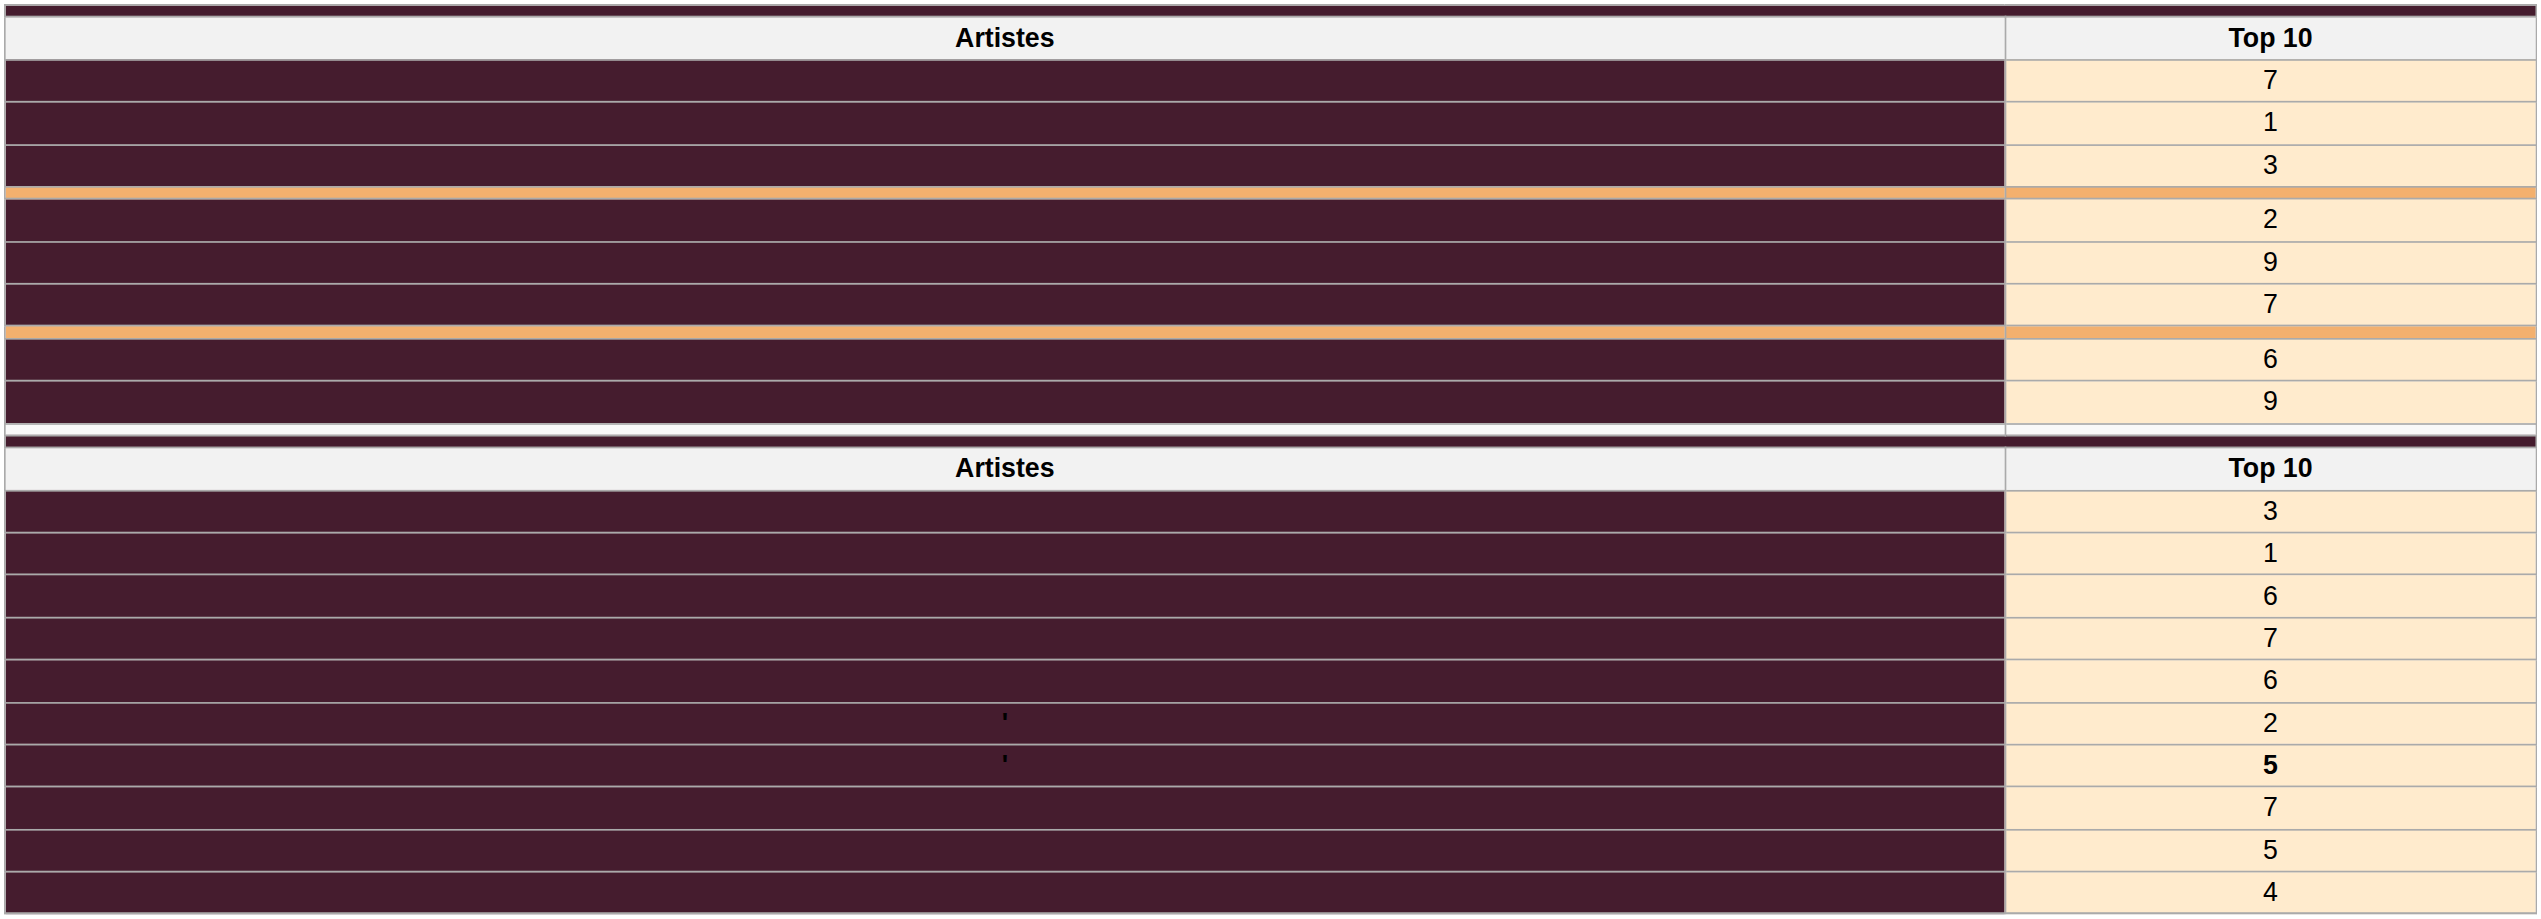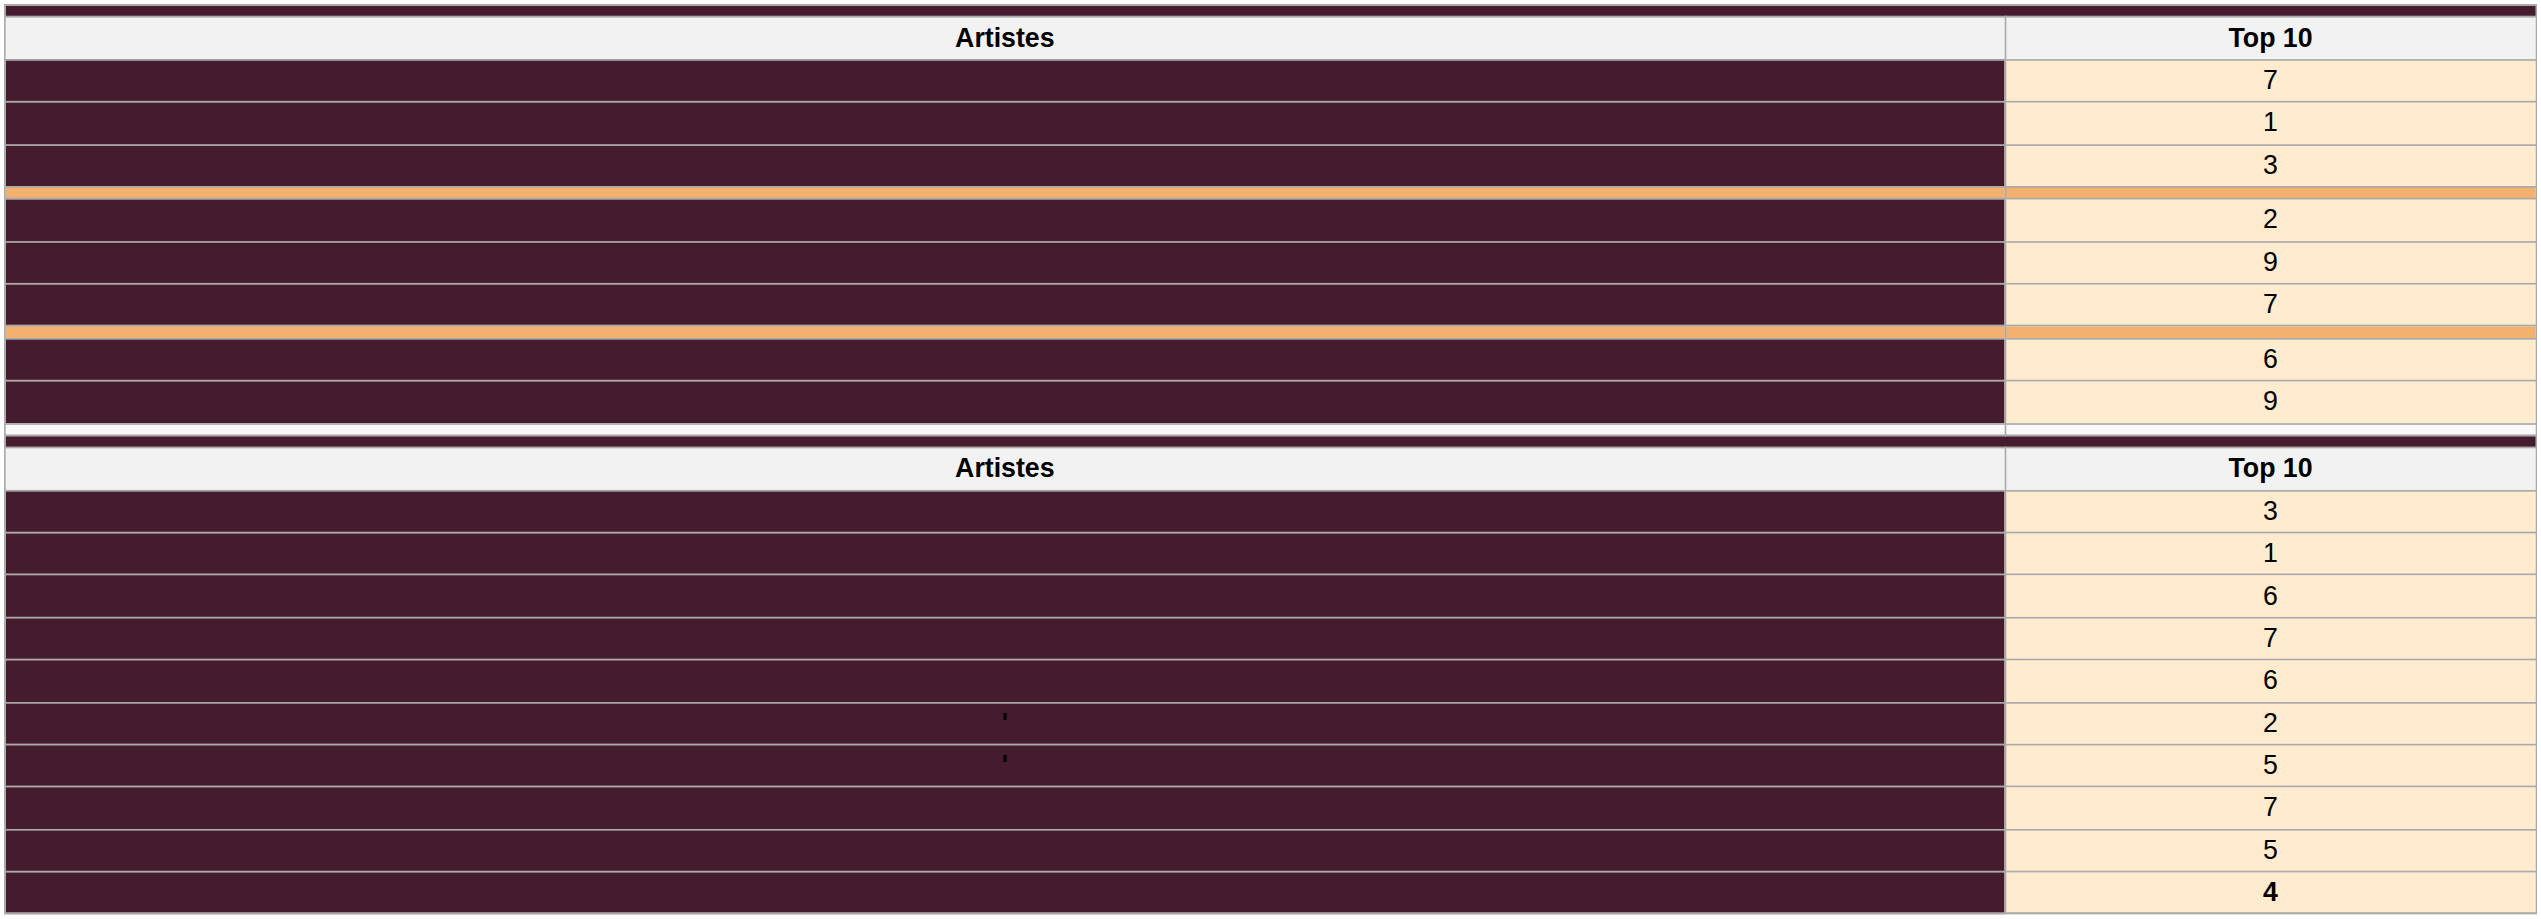 <table class="wikitable" style="width:120%">
 <tr bgcolor="#bebebe">
 <td colspan=5 data-sort-value="ω" style="background-color:#451c2e; font-weight:bold; text-align:center;"></td>
 </tr>
 <tr>
 <th width="4%">Artistes</th>
 <th width="1%">Top 10</th>
 </tr>
 <tr>
 <td bgcolor="#451c2e" align="center"><strong></strong></td>
 <td style="background:#FFEBCD; text-align:center;">7</td>
 </tr>
 <tr>
 <td bgcolor="#451c2e" align="center"><strong></strong></td>
 <td style="background:#FFEBCD; text-align:center;">1</td>
 </tr>
 <tr>
 <td bgcolor="#451c2e"  align="center"><strong><em></em></strong></td>
 <td style="background:#FFEBCD; text-align:center;">3</td>
 </tr>
 <tr>
 <td bgcolor="#f3b06e" align="center"><strong></strong></td>
 <td style="background:#f3b06e; text-align:center;"><strong></strong></td>
 </tr>
 <tr>
 <td bgcolor="#451c2e" align="center"><strong></strong></td>
 <td style="background:#FFEBCD; text-align:center;">2</td>
 </tr>
 <tr>
 <td bgcolor="#451c2e" align="center"><strong></strong></td>
 <td style="background:#FFEBCD; text-align:center;">9</td>
 </tr>
 <tr>
 <td bgcolor="#451c2e" align="center"><strong></strong></td>
 <td style="background:#FFEBCD; text-align:center;">7</td>
 </tr>
 <tr>
 <td bgcolor="#f3b06e" align="center"><strong></strong></td>
 <td style="background:#f3b06e; text-align:center;"><strong></strong></td>
 </tr>
 <tr>
 <td bgcolor="#451c2e" align="center"><strong></strong></td>
 <td style="background:#FFEBCD; text-align:center;">6</td>
 </tr>
 <tr>
 <td bgcolor="#451c2e" align="center"><strong></strong></td>
 <td style="background:#FFEBCD; text-align:center;">9</td>
 </tr>
 <tr>
 <td></td>
 </tr>
 <tr bgcolor="#bebebe">
 <td colspan=5 data-sort-value="ω" style="background-color:#451c2e; font-weight:bold; text-align:center;"></td>
 </tr>
 <tr>
 <th width="4%">Artistes</th>
 <th width="1%">Top 10</th>
 </tr>
 <tr>
 <td bgcolor="#451c2e" align="center"><strong><em></em></strong></td>
 <td style="background:#FFEBCD; text-align:center;">3</td>
 </tr>
 <tr>
 <td bgcolor="#451c2e" align="center"><strong><em></em></strong></td>
 <td style="background:#FFEBCD; text-align:center;">1</td>
 </tr>
 <tr>
 <td bgcolor="#451c2e" align="center"><strong></strong></td>
 <td style="background:#FFEBCD; text-align:center;">6</td>
 </tr>
 <tr>
 <td bgcolor="#451c2e" align="center"><strong></strong></td>
 <td style="background:#FFEBCD; text-align:center;">7</td>
 </tr>
 <tr>
 <td bgcolor="#451c2e" align="center"><strong><em></em></strong></td>
 <td style="background:#FFEBCD; text-align:center;">6</td>
 </tr>
 <tr>
 <td bgcolor="#451c2e" align="center"><strong>' </strong></td>
 <td style="background:#FFEBCD; text-align:center;">2</td>
 </tr>
 <tr>
 <td bgcolor="#451c2e" align="center"><strong>'</strong></td>
-<td style="background:#FFEBCD; text-align:center;"><strong>5</strong></td>
+<td style="background:#FFEBCD; text-align:center;">5</td>
 </tr>
 <tr>
 <td bgcolor="#451c2e" align="center"><strong></strong></td>
 <td style="background:#FFEBCD; text-align:center;">7</td>
 </tr>
 <tr>
 <td bgcolor="#451c2e" align="center"><strong></strong></td>
 <td style="background:#FFEBCD; text-align:center;">5</td>
 </tr>
 <tr>
 <td bgcolor="#451c2e" align="center"><strong></strong></td>
-<td style="background:#FFEBCD; text-align:center;">4</td>
+<td style="background:#FFEBCD; text-align:center;"><strong>4</strong></td>
 </tr>
 <tr>
 </tr>
 </table>
